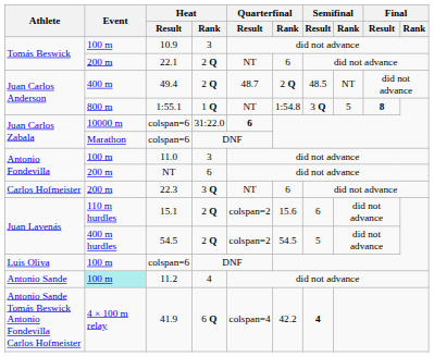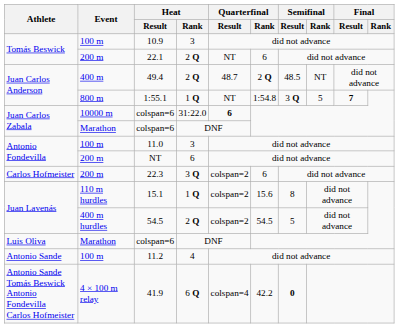 <table class="wikitable" style="font-size:90%">
 <tr>
 <th rowspan="2">Athlete</th>
 <th rowspan="2">Event</th>
 <th colspan="2">Heat</th>
 <th colspan="2">Quarterfinal</th>
 <th colspan="2">Semifinal</th>
 <th colspan="2">Final</th>
 </tr>
 <tr style="font-size:95%">
 <th>Result</th>
 <th>Rank</th>
 <th>Result</th>
 <th>Rank</th>
 <th>Result</th>
 <th>Rank</th>
 <th>Result</th>
 <th>Rank</th>
 </tr>
 <tr align=center>
 <td align=left rowspan="2"><a href='#'>Tomás Beswick</a></td>
 <td align=left><a href='#'>100 m</a></td>
 <td>10.9</td>
 <td>3</td>
 <td colspan=6>did not advance</td>
 </tr>
 <tr align=center>
 <td align=left><a href='#'>200 m</a></td>
 <td>22.1</td>
 <td>2 <strong>Q</strong></td>
 <td>NT</td>
 <td>6</td>
 <td colspan=4>did not advance</td>
 </tr>
 <tr align=center>
 <td align=left rowspan="2"><a href='#'>Juan Carlos Anderson</a></td>
 <td align=left><a href='#'>400 m</a></td>
 <td>49.4</td>
 <td>2 <strong>Q</strong></td>
 <td>48.7</td>
 <td>2 <strong>Q</strong></td>
 <td>48.5</td>
 <td>NT</td>
 <td colspan=2>did not advance</td>
 </tr>
 <tr align=center>
 <td align=left><a href='#'>800 m</a></td>
 <td>1:55.1</td>
 <td>1 <strong>Q</strong></td>
 <td>NT</td>
 <td>1:54.8</td>
 <td>3 <strong>Q</strong></td>
 <td>5</td>
-<td><strong>8</strong></td>
+<td><strong>7</strong></td>
 </tr>
 <tr align=center>
 <td align=left rowspan="2"><a href='#'>Juan Carlos Zabala</a></td>
 <td align=left><a href='#'>10000 m</a></td>
 <td>colspan=6 </td>
 <td>31:22.0</td>
 <td><strong>6</strong></td>
 </tr>
 <tr align=center>
 <td align=left><a href='#'>Marathon</a></td>
 <td>colspan=6 </td>
 <td colspan=2>DNF</td>
 </tr>
 <tr align=center>
 <td align=left rowspan="2"><a href='#'>Antonio Fondevilla</a></td>
 <td align=left><a href='#'>100 m</a></td>
 <td>11.0</td>
 <td>3</td>
 <td colspan=6>did not advance</td>
 </tr>
 <tr align=center>
 <td align=left><a href='#'>200 m</a></td>
 <td>NT</td>
 <td>6</td>
 <td colspan=6>did not advance</td>
 </tr>
 <tr align=center>
 <td align=left><a href='#'>Carlos Hofmeister</a></td>
 <td align=left><a href='#'>200 m</a></td>
 <td>22.3</td>
 <td>3 <strong>Q</strong></td>
-<td>NT</td>
+<td>colspan=2 </td>
 <td>6</td>
 <td colspan=4>did not advance</td>
 </tr>
 <tr align=center>
 <td align=left rowspan="2"><a href='#'>Juan Lavenás</a></td>
 <td align=left><a href='#'>110 m hurdles</a></td>
 <td>15.1</td>
-<td>2 <strong>Q</strong></td>
+<td>1 <strong>Q</strong></td>
 <td>colspan=2 </td>
 <td>15.6</td>
-<td>6</td>
+<td>8</td>
 <td colspan=2>did not advance</td>
 </tr>
 <tr align=center>
 <td align=left><a href='#'>400 m hurdles</a></td>
 <td>54.5</td>
 <td>2 <strong>Q</strong></td>
 <td>colspan=2 </td>
 <td>54.5</td>
 <td>5</td>
 <td colspan=2>did not advance</td>
 </tr>
 <tr align=center>
 <td align=left><a href='#'>Luis Oliva</a></td>
-<td align=left><a href='#'>100 m</a></td>
+<td align=left><a href='#'>Marathon</a></td>
 <td>colspan=6 </td>
 <td colspan=2>DNF</td>
 </tr>
 <tr align=center>
 <td align=left><a href='#'>Antonio Sande</a></td>
-<td align=left style="background: paleturquoise;"><a href='#'>100 m</a></td>
+<td align=left><a href='#'>100 m</a></td>
 <td>11.2</td>
 <td>4</td>
 <td colspan=6>did not advance</td>
 </tr>
 <tr align=center>
 <td align=left><a href='#'>Antonio Sande</a><br><a href='#'>Tomás Beswick</a><br><a href='#'>Antonio Fondevilla</a><br><a href='#'>Carlos Hofmeister</a></td>
 <td align=left><a href='#'>4 × 100 m relay</a></td>
 <td>41.9</td>
 <td>6 <strong>Q</strong></td>
 <td>colspan=4 </td>
 <td>42.2</td>
-<td><strong>4</strong></td>
+<td><strong>0</strong></td>
 </tr>
 </table>
